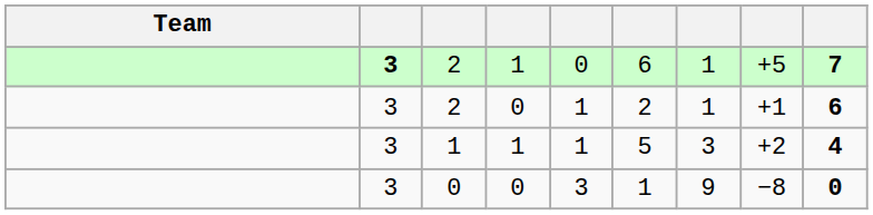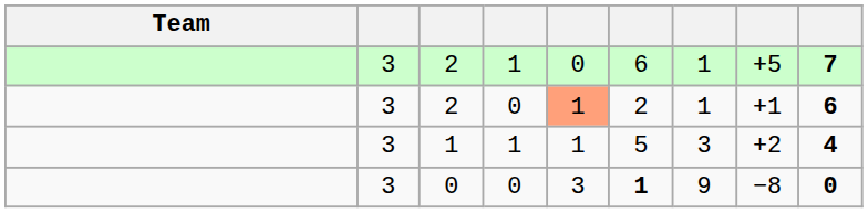 <table class="wikitable" style="text-align: center; font-size: 90%;">
 <tr>
 <th width=165>Team</th>
 <th width=25></th>
 <th width=25></th>
 <th width=25></th>
 <th width=25></th>
 <th width=25></th>
 <th width=25></th>
 <th width=25></th>
 <th width=25></th>
 </tr>
 <tr bgcolor="ccffcc">
 <td align="left"></td>
-<td><strong>3</strong></td>
+<td>3</td>
 <td>2</td>
 <td>1</td>
 <td>0</td>
 <td>6</td>
 <td>1</td>
 <td>+5</td>
 <td><strong>7</strong></td>
 </tr>
 <tr>
 <td align="left"></td>
 <td>3</td>
 <td>2</td>
 <td>0</td>
-<td>1</td>
+<td style="background: lightsalmon;">1</td>
 <td>2</td>
 <td>1</td>
 <td>+1</td>
 <td><strong>6</strong></td>
 </tr>
 <tr>
 <td align="left"><em></em></td>
 <td>3</td>
 <td>1</td>
 <td>1</td>
 <td>1</td>
 <td>5</td>
 <td>3</td>
 <td>+2</td>
 <td><strong>4</strong></td>
 </tr>
 <tr>
 <td align="left"></td>
 <td>3</td>
 <td>0</td>
 <td>0</td>
 <td>3</td>
-<td>1</td>
+<td><strong>1</strong></td>
 <td>9</td>
 <td>−8</td>
 <td><strong>0</strong></td>
 </tr>
 </table>
